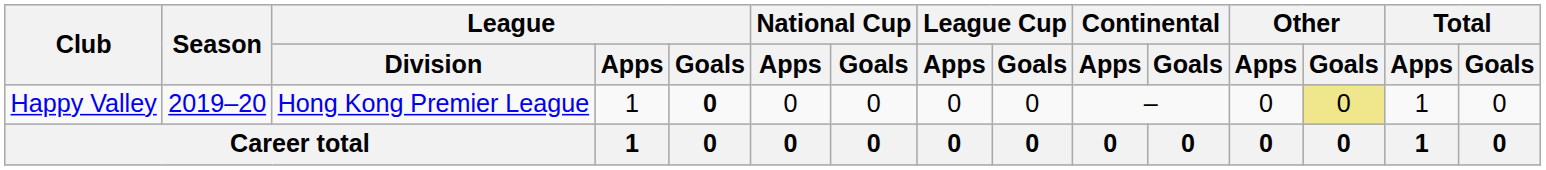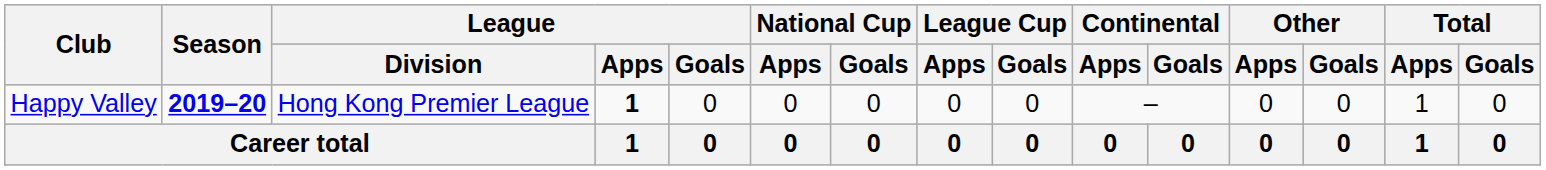 <table class="wikitable" style="text-align: center">
 <tr>
 <th rowspan="2">Club</th>
 <th rowspan="2">Season</th>
 <th colspan="3">League</th>
 <th colspan="2">National Cup</th>
 <th colspan="2">League Cup</th>
 <th colspan="2">Continental</th>
 <th colspan="2">Other</th>
 <th colspan="2">Total</th>
 </tr>
 <tr>
 <th>Division</th>
 <th>Apps</th>
 <th>Goals</th>
 <th>Apps</th>
 <th>Goals</th>
 <th>Apps</th>
 <th>Goals</th>
 <th>Apps</th>
 <th>Goals</th>
 <th>Apps</th>
 <th>Goals</th>
 <th>Apps</th>
 <th>Goals</th>
 </tr>
 <tr>
 <td><a href='#'>Happy Valley</a></td>
-<td><a href='#'>2019–20</a></td>
+<td><strong><a href='#'>2019–20</a></strong></td>
 <td><a href='#'>Hong Kong Premier League</a></td>
-<td>1</td>
-<td><strong>0</strong></td>
+<td><strong>1</strong></td>
+<td>0</td>
 <td>0</td>
 <td>0</td>
 <td>0</td>
 <td>0</td>
 <td colspan="2">–</td>
 <td>0</td>
-<td style="background: khaki;">0</td>
+<td>0</td>
 <td>1</td>
 <td>0</td>
 </tr>
 <tr>
 <th colspan=3>Career total</th>
 <th>1</th>
 <th>0</th>
 <th>0</th>
 <th>0</th>
 <th>0</th>
 <th>0</th>
 <th>0</th>
 <th>0</th>
 <th>0</th>
 <th>0</th>
 <th>1</th>
 <th>0</th>
 </tr>
 </table>
